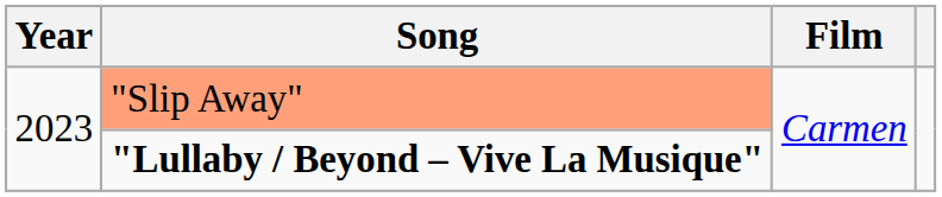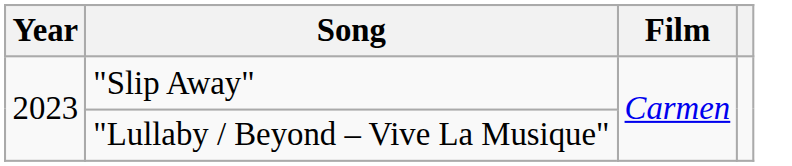 <table class="wikitable">
 <tr>
 <th>Year</th>
 <th>Song</th>
 <th>Film</th>
 <th></th>
 </tr>
 <tr>
 <td rowspan="2">2023</td>
-<td style="background: lightsalmon;">"Slip Away"</td>
+<td>"Slip Away"</td>
 <td rowspan="2"><em><a href='#'>Carmen</a></em></td>
 <td rowspan="2"></td>
 </tr>
 <tr>
-<td><strong>"Lullaby / Beyond – Vive La Musique"</strong></td>
+<td>"Lullaby / Beyond – Vive La Musique"</td>
 </tr>
 </table>
